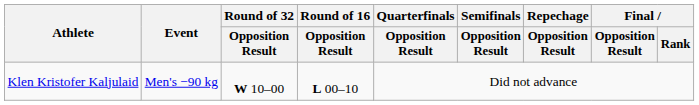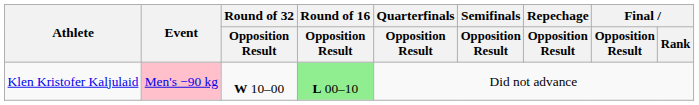 <table class="wikitable" style="font-size:90%">
 <tr>
 <th rowspan="2">Athlete</th>
 <th rowspan="2">Event</th>
 <th>Round of 32</th>
 <th>Round of 16</th>
 <th>Quarterfinals</th>
 <th>Semifinals</th>
 <th>Repechage</th>
 <th colspan=2>Final / </th>
 </tr>
 <tr style="font-size:95%">
 <th>Opposition<br>Result</th>
 <th>Opposition<br>Result</th>
 <th>Opposition<br>Result</th>
 <th>Opposition<br>Result</th>
 <th>Opposition<br>Result</th>
 <th>Opposition<br>Result</th>
 <th>Rank</th>
 </tr>
 <tr align=center>
 <td align=left><a href='#'>Klen Kristofer Kaljulaid</a></td>
-<td align=left><a href='#'>Men's −90 kg</a></td>
+<td align=left style="background: pink;"><a href='#'>Men's −90 kg</a></td>
 <td><br><strong>W</strong> 10–00</td>
-<td><br><strong>L</strong> 00–10</td>
+<td style="background: lightgreen;"><br><strong>L</strong> 00–10</td>
 <td colspan=5>Did not advance</td>
 </tr>
 </table>
